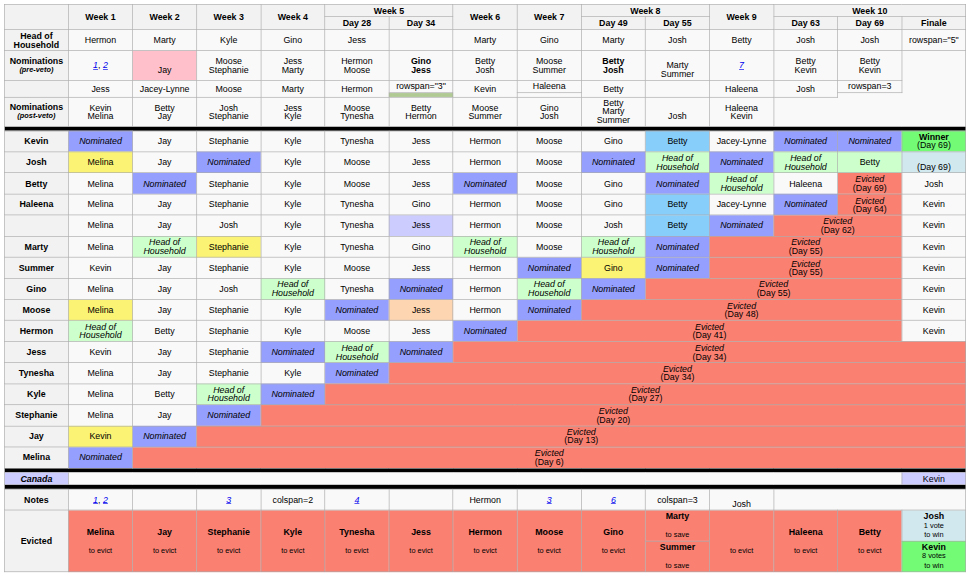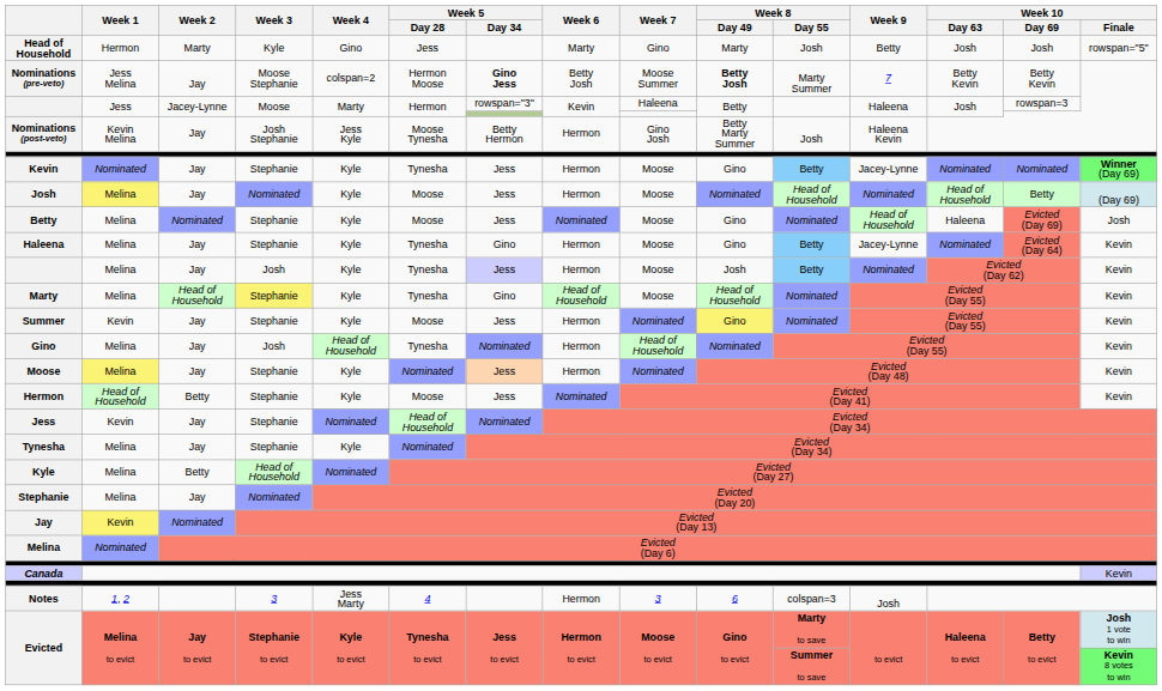 <table class="wikitable" style="text-align:center; line-height:13px; font-size:85%">
 <tr>
 <th rowspan="2" style="width: 6%;"></th>
 <th rowspan="2" style="width: 6%;">Week 1</th>
 <th rowspan="2" style="width: 6%;">Week 2</th>
 <th rowspan="2" style="width: 6%;">Week 3</th>
 <th rowspan="2" style="width: 6%;">Week 4</th>
 <th colspan="2" style="width: 6%;">Week 5</th>
 <th rowspan="2" style="width: 6%;">Week 6</th>
 <th rowspan="2" style="width: 6%;">Week 7</th>
 <th colspan="2" style="width: 6%;">Week 8</th>
 <th rowspan="2" style="width: 6%;">Week 9</th>
 <th colspan="3">Week 10</th>
 </tr>
 <tr>
 <th style="width: 6%;">Day 28</th>
 <th style="width: 6%;">Day 34</th>
 <th style="width: 6%;">Day 49</th>
 <th style="width: 6%;">Day 55</th>
 <th style="width: 6%;">Day 63</th>
 <th style="width: 6%;">Day 69</th>
 <th style="width: 6%;">Finale</th>
 </tr>
 <tr>
 <th>Head of<br>Household</th>
 <td>Hermon</td>
 <td>Marty</td>
 <td>Kyle</td>
 <td>Gino</td>
 <td>Jess</td>
 <td></td>
 <td>Marty</td>
 <td>Gino</td>
 <td>Marty</td>
 <td>Josh</td>
 <td>Betty</td>
 <td>Josh</td>
 <td>Josh</td>
 <td>rowspan="5" </td>
 </tr>
 <tr>
 <th>Nominations<br><small><em>(pre-veto)</em></small></th>
-<td><em><a href='#'>1</a></em>, <em><a href='#'>2</a></em></td>
-<td style="background: pink;"><br>Jay</td>
+<td>Jess<br>Melina</td>
+<td><br>Jay</td>
 <td>Moose<br>Stephanie</td>
-<td>Jess<br>Marty</td>
+<td>colspan=2 </td>
 <td>Hermon<br>Moose</td>
 <td><strong>Gino<br>Jess</strong></td>
 <td>Betty<br>Josh</td>
 <td>Moose<br>Summer</td>
 <td><strong>Betty<br>Josh</strong></td>
 <td><br>Marty<br>Summer</td>
 <td><em><a href='#'>7</a></em></td>
 <td>Betty<br>Kevin</td>
 <td>Betty<br>Kevin</td>
 </tr>
 <tr>
 <th rowspan=2></th>
 <td rowspan=2>Jess</td>
 <td rowspan=2>Jacey-Lynne</td>
 <td rowspan=2>Moose</td>
 <td rowspan=2>Marty</td>
 <td rowspan=2>Hermon</td>
 <td>rowspan="3" </td>
 <td rowspan=2>Kevin</td>
 <td>Haleena</td>
 <td rowspan=2>Betty</td>
 <td rowspan=2></td>
 <td rowspan=2>Haleena</td>
 <td rowspan=2>Josh</td>
 <td>rowspan=3 </td>
 </tr>
 <tr>
 <td style="background:#B1CA94"></td>
 </tr>
 <tr>
 <th>Nominations<br><small><em>(post-veto)</em></small></th>
 <td>Kevin<br>Melina</td>
-<td>Betty<br>Jay</td>
+<td>Jay</td>
 <td>Josh<br>Stephanie</td>
 <td>Jess<br>Kyle</td>
 <td>Moose<br>Tynesha</td>
 <td>Betty<br>Hermon</td>
-<td>Moose<br>Summer</td>
+<td>Hermon</td>
 <td>Gino<br>Josh</td>
 <td>Betty<br>Marty<br>Summer</td>
 <td><br>Josh</td>
 <td>Haleena<br>Kevin</td>
 </tr>
 <tr>
 <td colspan="15" style="background:black;"></td>
 </tr>
 <tr>
 <th>Kevin</th>
 <td style="background:#959ffd"><em>Nominated</em></td>
 <td>Jay</td>
 <td>Stephanie</td>
 <td>Kyle</td>
 <td>Tynesha</td>
 <td>Jess</td>
 <td>Hermon</td>
 <td>Moose</td>
 <td>Gino</td>
 <td style="background:#87CEFA">Betty</td>
 <td>Jacey-Lynne</td>
 <td style="background:#959ffd"><em>Nominated</em></td>
 <td style="background:#959ffd"><em>Nominated</em></td>
 <td style="background:#73fb76;"><strong>Winner</strong><br>(Day 69)</td>
 </tr>
 <tr>
 <th>Josh</th>
 <td style="background:#FBF373;">Melina</td>
 <td>Jay</td>
 <td style="background:#959ffd"><em>Nominated</em></td>
 <td>Kyle</td>
 <td>Moose</td>
 <td>Jess</td>
 <td>Hermon</td>
 <td>Moose</td>
 <td style="background:#959ffd"><em>Nominated</em></td>
 <td style="background:#cfc"><em>Head of<br>Household</em></td>
 <td style="background:#959ffd"><em>Nominated</em></td>
 <td style="background:#cfc"><em>Head of<br>Household</em></td>
 <td style="background:#cfc">Betty</td>
 <td style="background:#d1e8ef;"><br>(Day 69)</td>
 </tr>
 <tr>
 <th>Betty</th>
 <td>Melina</td>
 <td style="background:#959ffd"><em>Nominated</em></td>
 <td>Stephanie</td>
 <td>Kyle</td>
 <td>Moose</td>
 <td>Jess</td>
 <td style="background:#959ffd"><em>Nominated</em></td>
 <td>Moose</td>
 <td>Gino</td>
 <td style="background:#959ffd"><em>Nominated</em></td>
 <td style="background:#cfc"><em>Head of<br>Household</em></td>
 <td>Haleena</td>
 <td style="background:salmon;"><em>Evicted</em><br>(Day 69)</td>
 <td>Josh</td>
 </tr>
 <tr>
 <th>Haleena</th>
 <td>Melina</td>
 <td>Jay</td>
 <td>Stephanie</td>
 <td>Kyle</td>
 <td>Tynesha</td>
 <td>Gino</td>
 <td>Hermon</td>
 <td>Moose</td>
 <td>Gino</td>
 <td style="background:#87CEFA">Betty</td>
 <td>Jacey-Lynne</td>
 <td style="background:#959ffd"><em>Nominated</em></td>
 <td style="background:salmon;"><em>Evicted</em><br>(Day 64)</td>
 <td>Kevin</td>
 </tr>
 <tr>
 <th></th>
 <td>Melina</td>
 <td>Jay</td>
 <td>Josh</td>
 <td>Kyle</td>
 <td>Tynesha</td>
 <td style="background:#ccf;">Jess</td>
 <td>Hermon</td>
 <td>Moose</td>
 <td>Josh</td>
 <td style="background:#87CEFA">Betty</td>
 <td style="background:#959ffd"><em>Nominated</em></td>
 <td colspan="2" style="background:salmon;"><em>Evicted</em><br>(Day 62)</td>
 <td>Kevin</td>
 </tr>
 <tr>
 <th>Marty</th>
 <td>Melina</td>
 <td style="background:#cfc"><em>Head of<br>Household</em></td>
 <td style="background:#FBF373;">Stephanie</td>
 <td>Kyle</td>
 <td>Tynesha</td>
 <td>Gino</td>
 <td style="background:#cfc"><em>Head of<br>Household</em></td>
 <td>Moose</td>
 <td style="background:#cfc"><em>Head of<br>Household</em></td>
 <td style="background:#959ffd"><em>Nominated</em></td>
 <td colspan="3" style="background:salmon;"><em>Evicted</em><br>(Day 55)</td>
 <td>Kevin</td>
 </tr>
 <tr>
 <th>Summer</th>
 <td>Kevin</td>
 <td>Jay</td>
 <td>Stephanie</td>
 <td>Kyle</td>
 <td>Moose</td>
 <td>Jess</td>
 <td>Hermon</td>
 <td style="background:#959ffd"><em>Nominated</em></td>
 <td style="background:#FBF373;">Gino</td>
 <td style="background:#959ffd"><em>Nominated</em></td>
 <td colspan="3" style="background:salmon;"><em>Evicted</em><br>(Day 55)</td>
 <td>Kevin</td>
 </tr>
 <tr>
 <th>Gino</th>
 <td>Melina</td>
 <td>Jay</td>
 <td>Josh</td>
 <td style="background:#cfc"><em>Head of<br>Household</em></td>
 <td>Tynesha</td>
 <td style="background:#959ffd"><em>Nominated</em></td>
 <td>Hermon</td>
 <td style="background:#cfc"><em>Head of<br>Household</em></td>
 <td style="background:#959ffd"><em>Nominated</em></td>
 <td colspan="4" style="background:salmon;"><em>Evicted</em><br>(Day 55)</td>
 <td>Kevin</td>
 </tr>
 <tr>
 <th>Moose</th>
 <td style="background:#FBF373;">Melina</td>
 <td>Jay</td>
 <td>Stephanie</td>
 <td>Kyle</td>
 <td style="background:#959ffd"><em>Nominated</em></td>
 <td style="background:#FDD5B1">Jess</td>
 <td>Hermon</td>
 <td style="background:#959ffd"><em>Nominated</em></td>
 <td colspan="5" style="background:salmon;"><em>Evicted</em><br>(Day 48)</td>
 <td>Kevin</td>
 </tr>
 <tr>
 <th>Hermon</th>
 <td style="background:#cfc"><em>Head of<br>Household</em></td>
 <td>Betty</td>
 <td>Stephanie</td>
 <td>Kyle</td>
 <td>Moose</td>
 <td>Jess</td>
 <td style="background:#959ffd"><em>Nominated</em></td>
 <td colspan="6" style="background:salmon;"><em>Evicted</em><br>(Day 41)</td>
 <td>Kevin</td>
 </tr>
 <tr>
 <th>Jess</th>
 <td>Kevin</td>
 <td>Jay</td>
 <td>Stephanie</td>
 <td style="background:#959ffd"><em>Nominated</em></td>
 <td style="background:#cfc"><em>Head of<br>Household</em></td>
 <td style="background:#959ffd"><em>Nominated</em></td>
 <td colspan="8" style="background:salmon;"><em>Evicted</em><br>(Day 34)</td>
 </tr>
 <tr>
 <th>Tynesha</th>
 <td>Melina</td>
 <td>Jay</td>
 <td>Stephanie</td>
 <td>Kyle</td>
 <td style="background:#959ffd"><em>Nominated</em></td>
 <td colspan="9" style="background:salmon;"><em>Evicted</em><br>(Day 34)</td>
 </tr>
 <tr>
 <th>Kyle</th>
 <td>Melina</td>
 <td>Betty</td>
 <td style="background:#cfc"><em>Head of<br>Household</em></td>
 <td style="background:#959ffd"><em>Nominated</em></td>
 <td colspan="10" style="background:salmon;"><em>Evicted</em><br>(Day 27)</td>
 </tr>
 <tr>
 <th>Stephanie</th>
 <td>Melina</td>
 <td>Jay</td>
 <td style="background:#959ffd"><em>Nominated</em></td>
 <td colspan="11" style="background:salmon;"><em>Evicted</em><br>(Day 20)</td>
 </tr>
 <tr>
 <th>Jay</th>
 <td style="background:#FBF373;">Kevin</td>
 <td style="background:#959ffd"><em>Nominated</em></td>
 <td colspan="12" style="background:salmon;"><em>Evicted</em><br>(Day 13)</td>
 </tr>
 <tr>
 <th>Melina</th>
 <td style="background:#959ffd"><em>Nominated</em></td>
 <td colspan="13" style="background:salmon;"><em>Evicted</em><br>(Day 6)</td>
 </tr>
 <tr>
 <td colspan="15" style="background:black;"></td>
 </tr>
 <tr>
 <th style="background:#ccf"><em>Canada</em></th>
 <td colspan="13"></td>
 <td style="background:#ccf">Kevin</td>
 </tr>
 <tr>
 <td colspan="15" style="background:black;"></td>
 </tr>
 <tr>
 <th>Notes</th>
 <td><em><a href='#'>1</a></em>, <em><a href='#'>2</a></em></td>
 <td></td>
 <td><em><a href='#'>3</a></em></td>
-<td>colspan=2 </td>
+<td>Jess<br>Marty</td>
 <td><em><a href='#'>4</a></em></td>
 <td></td>
 <td>Hermon</td>
 <td><em><a href='#'>3</a></em></td>
 <td><em><a href='#'>6</a></em></td>
 <td>colspan=3 </td>
 <td><br>Josh</td>
 </tr>
 <tr>
 <th rowspan=2>Evicted</th>
 <td rowspan="2" style="background:salmon;"><strong>Melina</strong><br><small><br>to evict</small></td>
 <td rowspan="2" style="background:salmon;"><strong>Jay</strong><br><small><br>to evict</small></td>
 <td rowspan="2" style="background:salmon;"><strong>Stephanie</strong><br><small><br>to evict</small></td>
 <td rowspan="2" style="background:salmon;"><strong>Kyle</strong><br><small><br>to evict</small></td>
 <td rowspan="2" style="background:salmon;"><strong>Tynesha</strong><br><small><br>to evict</small></td>
 <td rowspan="2" style="background:salmon;"><strong>Jess</strong><br><small><br>to evict</small></td>
 <td rowspan="2" style="background:salmon;"><strong>Hermon</strong><br><small><br>to evict</small></td>
 <td rowspan="2" style="background:salmon;"><strong>Moose</strong><br><small><br>to evict</small></td>
 <td rowspan="2" style="background:salmon;"><strong>Gino</strong><br><small><br>to evict</small></td>
 <td style="background:salmon;"><strong>Marty</strong><br><small><br>to save</small></td>
 <td rowspan="2" style="background:salmon;"><strong></strong><br><small><br>to evict</small></td>
 <td rowspan="2" style="background:salmon"><strong>Haleena</strong><br><small><br>to evict</small></td>
 <td rowspan="2" style="background:salmon;"><strong>Betty</strong><br><small><br>to evict</small></td>
 <td style="background:#d1e8ef;"><strong>Josh</strong><br><small>1 vote<br>to win</small></td>
 </tr>
 <tr>
 <td style="background:salmon;"><strong>Summer</strong><br><small><br>to save</small></td>
 <td rowspan="2" style="background:#73fb76;"><strong>Kevin</strong><br><small>8 votes<br>to win</small></td>
 </tr>
 </table>
